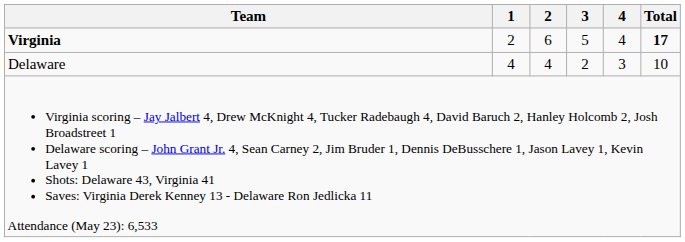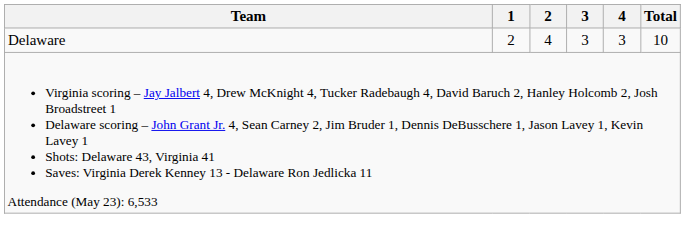 <table class="wikitable" style="text-align:center; max-width:45em">
 <tr>
 <th>Team</th>
 <th style="width:2em">1</th>
 <th style="width:2em">2</th>
 <th style="width:2em">3</th>
 <th style="width:2em">4</th>
 <th style="width:2em">Total</th>
 </tr>
 <tr>
-<td style="text-align:left"><strong>Virginia</strong></td>
+<td style="text-align:left">Delaware</td>
 <td>2</td>
-<td>6</td>
-<td>5</td>
 <td>4</td>
-<td><strong>17</strong></td>
-</tr>
-<tr>
-<td style="text-align:left">Delaware</td>
-<td>4</td>
-<td>4</td>
-<td>2</td>
+<td>3</td>
 <td>3</td>
 <td>10</td>
 </tr>
 <tr>
 <td colspan=6 style="text-align:left; font-size:88%;"><br><ul><li>Virginia scoring – <a href='#'>Jay Jalbert</a> 4, Drew McKnight 4, Tucker Radebaugh 4, David Baruch 2, Hanley Holcomb 2, Josh Broadstreet 1</li><li>Delaware scoring – <a href='#'>John Grant Jr.</a> 4, Sean Carney 2, Jim Bruder 1, Dennis DeBusschere 1, Jason Lavey 1, Kevin Lavey 1</li><li>Shots: Delaware 43, Virginia 41</li><li>Saves: Virginia Derek Kenney 13 - Delaware Ron Jedlicka 11</li></ul>Attendance (May 23): 6,533 </td>
 </tr>
 </table>
